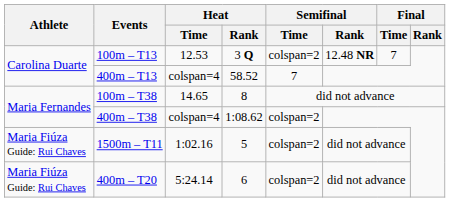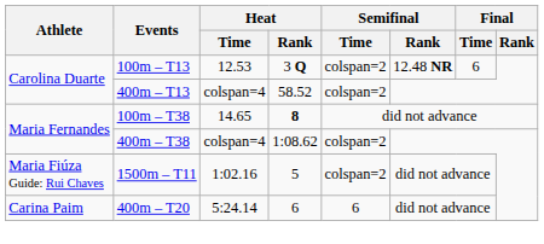 <table class=wikitable style="font-size:90%; text-align:center;">
 <tr>
 <th rowspan="2">Athlete</th>
 <th rowspan="2">Events</th>
 <th colspan="2">Heat</th>
 <th colspan="2">Semifinal</th>
 <th colspan="2">Final</th>
 </tr>
 <tr>
 <th>Time</th>
 <th>Rank</th>
 <th>Time</th>
 <th>Rank</th>
 <th>Time</th>
 <th>Rank</th>
 </tr>
 <tr>
 <td align=left rowspan=2><a href='#'>Carolina Duarte</a></td>
 <td align=left><a href='#'>100m – T13</a></td>
 <td>12.53</td>
 <td>3 <strong>Q</strong></td>
 <td>colspan=2 </td>
 <td>12.48 <strong>NR</strong></td>
-<td>7</td>
+<td>6</td>
 </tr>
 <tr>
 <td align=left><a href='#'>400m – T13</a></td>
 <td>colspan=4 </td>
 <td>58.52</td>
-<td>7</td>
+<td>colspan=2 </td>
 </tr>
 <tr>
 <td align=left rowspan=2><a href='#'>Maria Fernandes</a></td>
 <td align=left><a href='#'>100m – T38</a></td>
 <td>14.65</td>
-<td>8</td>
+<td><strong>8</strong></td>
 <td colspan=4>did not advance</td>
 </tr>
 <tr>
 <td align=left><a href='#'>400m – T38</a></td>
 <td>colspan=4 </td>
 <td>1:08.62</td>
 <td>colspan=2 </td>
 </tr>
 <tr>
 <td align=left><a href='#'>Maria Fiúza</a><br><small>Guide: <a href='#'>Rui Chaves</a></small></td>
 <td align=left><a href='#'>1500m – T11</a></td>
 <td>1:02.16</td>
 <td>5</td>
 <td>colspan=2 </td>
 <td colspan=2>did not advance</td>
 </tr>
 <tr>
-<td align=left><a href='#'>Maria Fiúza</a><br><small>Guide: <a href='#'>Rui Chaves</a></small></td>
+<td align=left><a href='#'>Carina Paim</a></td>
 <td align=left><a href='#'>400m – T20</a></td>
 <td>5:24.14</td>
 <td>6</td>
-<td>colspan=2 </td>
+<td>6</td>
 <td colspan=2>did not advance</td>
 </tr>
 </table>
